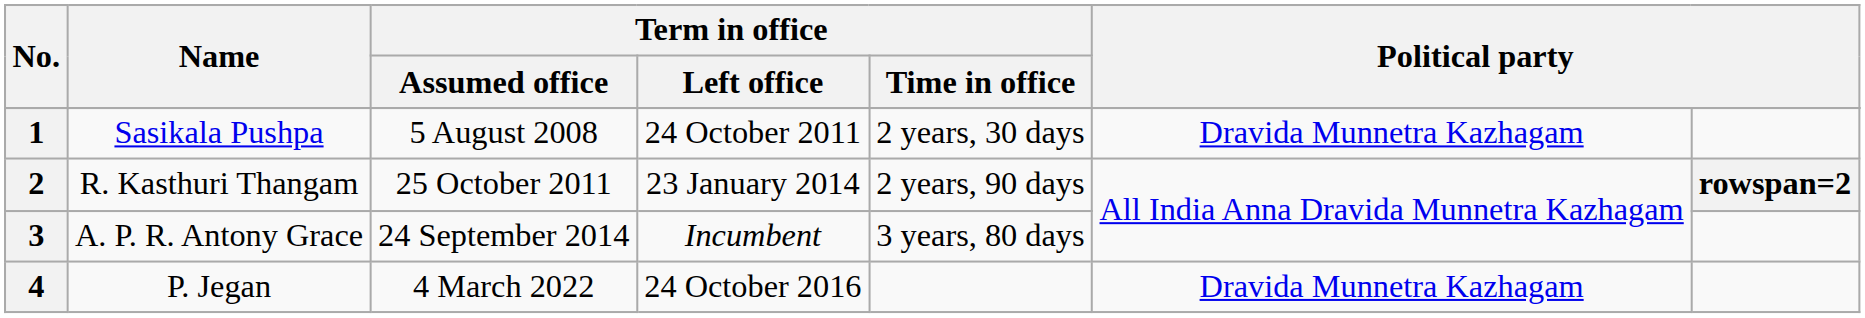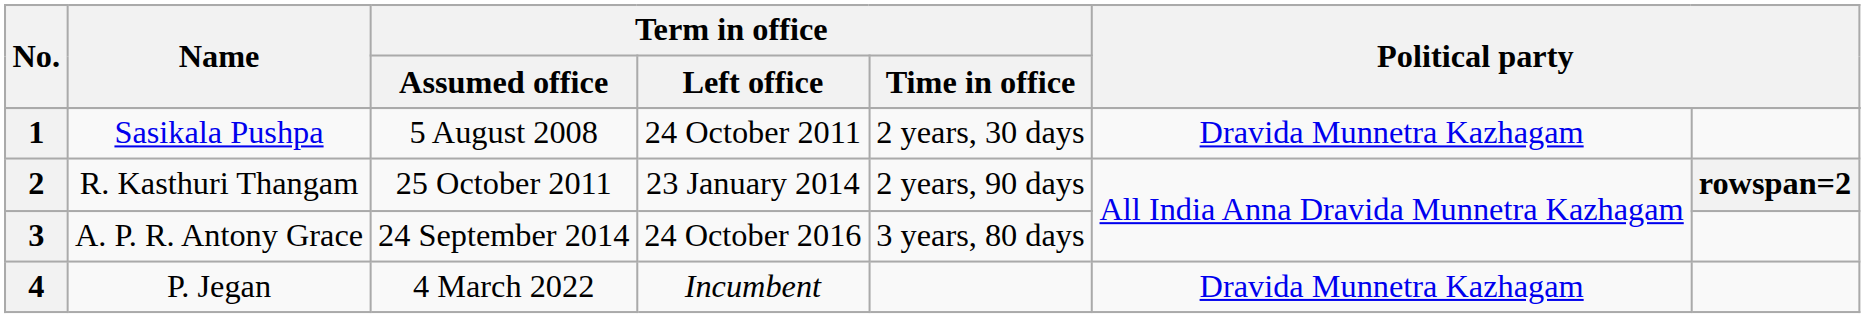 <table class="wikitable" style="text-align:center">
 <tr>
 <th rowspan=2>No.</th>
 <th rowspan=2>Name</th>
 <th colspan=3>Term in office</th>
 <th rowspan=2 colspan=2>Political party</th>
 </tr>
 <tr>
 <th>Assumed office</th>
 <th>Left office</th>
 <th>Time in office</th>
 </tr>
 <tr>
 </tr>
 <tr>
 <th>1</th>
 <td><a href='#'>Sasikala Pushpa</a></td>
 <td>5 August 2008</td>
 <td>24 October 2011</td>
 <td>2 years, 30 days</td>
 <td><a href='#'>Dravida Munnetra Kazhagam</a></td>
 <td></td>
 </tr>
 <tr>
 <th>2</th>
 <td>R. Kasthuri Thangam</td>
 <td>25 October 2011</td>
 <td>23 January 2014</td>
 <td>2 years, 90 days</td>
 <td rowspan=2><a href='#'>All India Anna Dravida Munnetra Kazhagam</a></td>
 <th>rowspan=2 </th>
 </tr>
 <tr>
 <th>3</th>
 <td>A. P. R. Antony Grace</td>
 <td>24 September 2014</td>
-<td><em>Incumbent</em></td>
+<td>24 October 2016</td>
 <td>3 years, 80 days</td>
 </tr>
 <tr>
 <th>4</th>
 <td>P. Jegan</td>
 <td>4 March 2022</td>
-<td>24 October 2016</td>
+<td><em>Incumbent</em></td>
 <td></td>
 <td><a href='#'>Dravida Munnetra Kazhagam</a></td>
 <td></td>
 </tr>
 </table>
